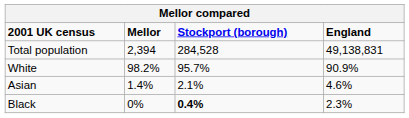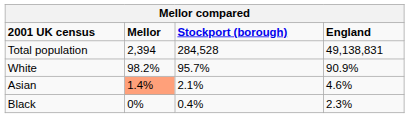 <table class="wikitable" style="float: right; margin-left: 2em; width: 40%; font-size: 90%;" cellspacing="3">
 <tr>
 <th colspan="4"><strong>Mellor compared</strong></th>
 </tr>
 <tr>
 <td><strong>2001 UK census</strong></td>
 <td><strong>Mellor</strong></td>
 <td><strong><a href='#'>Stockport (borough)</a></strong></td>
 <td><strong>England</strong></td>
 </tr>
 <tr>
 <td>Total population</td>
 <td>2,394</td>
 <td>284,528</td>
 <td>49,138,831</td>
 </tr>
 <tr>
 <td>White</td>
 <td>98.2%</td>
 <td>95.7%</td>
 <td>90.9%</td>
 </tr>
 <tr>
 <td>Asian</td>
-<td>1.4%</td>
+<td style="background: lightsalmon;">1.4%</td>
 <td>2.1%</td>
 <td>4.6%</td>
 </tr>
 <tr>
 <td>Black</td>
 <td>0%</td>
-<td><strong>0.4%</strong></td>
+<td>0.4%</td>
 <td>2.3%</td>
 </tr>
 </table>
